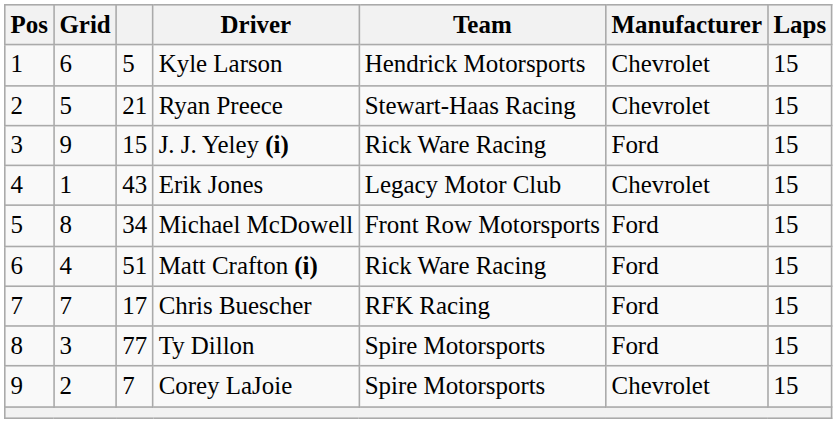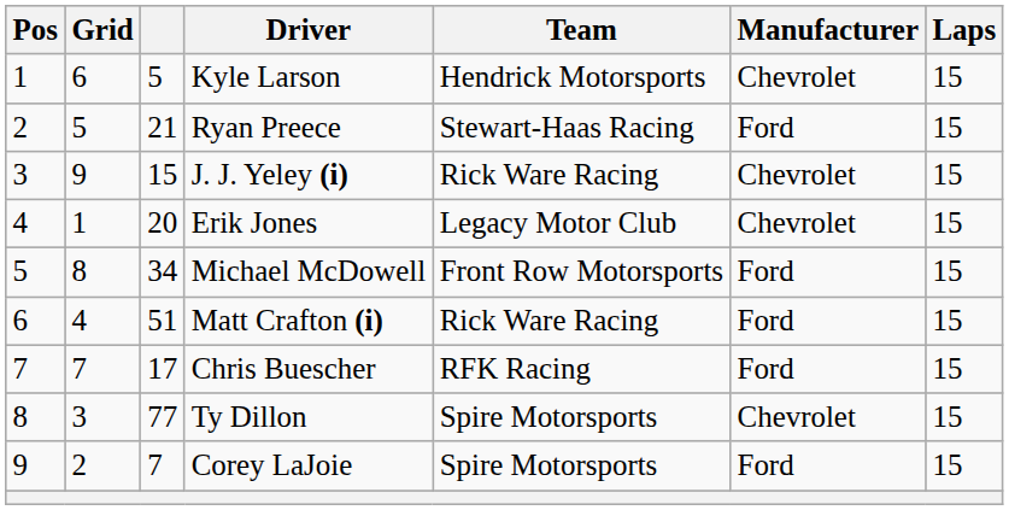 <table class="wikitable" style="font-size:98%">
 <tr>
 <th>Pos</th>
 <th>Grid</th>
 <th></th>
 <th>Driver</th>
 <th>Team</th>
 <th>Manufacturer</th>
 <th>Laps</th>
 </tr>
 <tr>
 <td>1</td>
 <td>6</td>
 <td>5</td>
 <td>Kyle Larson</td>
 <td>Hendrick Motorsports</td>
 <td>Chevrolet</td>
 <td>15</td>
 </tr>
 <tr>
 <td>2</td>
 <td>5</td>
 <td>21</td>
 <td>Ryan Preece</td>
 <td>Stewart-Haas Racing</td>
-<td>Chevrolet</td>
+<td>Ford</td>
 <td>15</td>
 </tr>
 <tr>
 <td>3</td>
 <td>9</td>
 <td>15</td>
 <td>J. J. Yeley <strong>(i)</strong></td>
 <td>Rick Ware Racing</td>
-<td>Ford</td>
+<td>Chevrolet</td>
 <td>15</td>
 </tr>
 <tr>
 <td>4</td>
 <td>1</td>
-<td>43</td>
+<td>20</td>
 <td>Erik Jones</td>
 <td>Legacy Motor Club</td>
 <td>Chevrolet</td>
 <td>15</td>
 </tr>
 <tr>
 <td>5</td>
 <td>8</td>
 <td>34</td>
 <td>Michael McDowell</td>
 <td>Front Row Motorsports</td>
 <td>Ford</td>
 <td>15</td>
 </tr>
 <tr>
 <td>6</td>
 <td>4</td>
 <td>51</td>
 <td>Matt Crafton <strong>(i)</strong></td>
 <td>Rick Ware Racing</td>
 <td>Ford</td>
 <td>15</td>
 </tr>
 <tr>
 <td>7</td>
 <td>7</td>
 <td>17</td>
 <td>Chris Buescher</td>
 <td>RFK Racing</td>
 <td>Ford</td>
 <td>15</td>
 </tr>
 <tr>
 <td>8</td>
 <td>3</td>
 <td>77</td>
 <td>Ty Dillon</td>
 <td>Spire Motorsports</td>
-<td>Ford</td>
+<td>Chevrolet</td>
 <td>15</td>
 </tr>
 <tr>
 <td>9</td>
 <td>2</td>
 <td>7</td>
 <td>Corey LaJoie</td>
 <td>Spire Motorsports</td>
-<td>Chevrolet</td>
+<td>Ford</td>
 <td>15</td>
 </tr>
 <tr>
 <th colspan="7"></th>
 </tr>
 </table>
